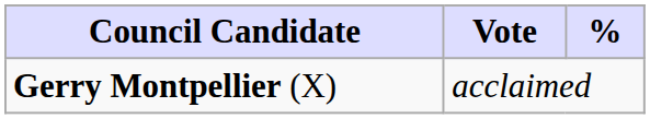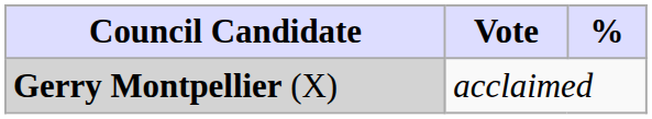 <table class="wikitable">
 <tr>
 <th style="background:#ddf; width:200px;">Council Candidate</th>
 <th style="background:#ddf; width:50px;">Vote</th>
 <th style="background:#ddf; width:30px;">%</th>
 </tr>
 <tr>
-<td><strong>Gerry Montpellier</strong> (X)</td>
+<td style="background: lightgrey;"><strong>Gerry Montpellier</strong> (X)</td>
 <td colspan=2><em>acclaimed</em></td>
 </tr>
 </table>
